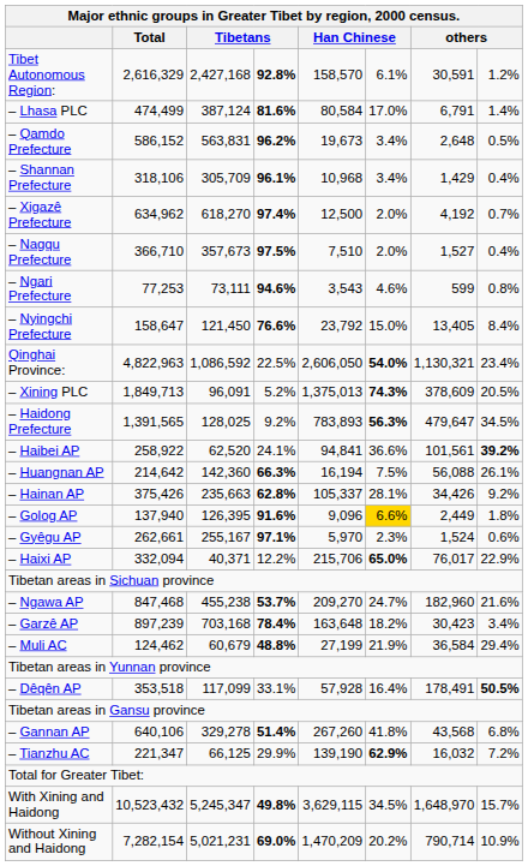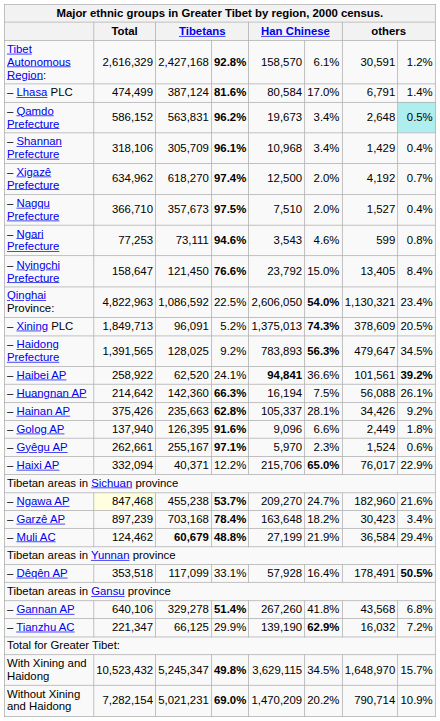 <table class="wikitable" style="text-align:right">
 <tr>
 <th align="center" colspan="8">Major ethnic groups in Greater Tibet by region, 2000 census.</th>
 </tr>
 <tr>
 <th></th>
 <th>Total</th>
 <th colspan="2"><a href='#'>Tibetans</a></th>
 <th colspan="2"><a href='#'>Han Chinese</a></th>
 <th colspan="2">others</th>
 </tr>
 <tr>
 <td align="left"><a href='#'>Tibet Autonomous Region</a>:</td>
 <td>2,616,329</td>
 <td>2,427,168</td>
 <td><strong>92.8%</strong></td>
 <td>158,570</td>
 <td>6.1%</td>
 <td>30,591</td>
 <td>1.2%</td>
 </tr>
 <tr>
 <td align="left">– <a href='#'>Lhasa</a> PLC</td>
 <td>474,499</td>
 <td>387,124</td>
 <td><strong>81.6%</strong></td>
 <td>80,584</td>
 <td>17.0%</td>
 <td>6,791</td>
 <td>1.4%</td>
 </tr>
 <tr>
 <td align="left">– <a href='#'>Qamdo Prefecture</a></td>
 <td>586,152</td>
 <td>563,831</td>
 <td><strong>96.2%</strong></td>
 <td>19,673</td>
 <td>3.4%</td>
 <td>2,648</td>
-<td>0.5%</td>
+<td style="background: paleturquoise;">0.5%</td>
 </tr>
 <tr>
 <td align="left">– <a href='#'>Shannan Prefecture</a></td>
 <td>318,106</td>
 <td>305,709</td>
 <td><strong>96.1%</strong></td>
 <td>10,968</td>
 <td>3.4%</td>
 <td>1,429</td>
 <td>0.4%</td>
 </tr>
 <tr>
 <td align="left">– <a href='#'>Xigazê Prefecture</a></td>
 <td>634,962</td>
 <td>618,270</td>
 <td><strong>97.4%</strong></td>
 <td>12,500</td>
 <td>2.0%</td>
 <td>4,192</td>
 <td>0.7%</td>
 </tr>
 <tr>
 <td align="left">– <a href='#'>Nagqu Prefecture</a></td>
 <td>366,710</td>
 <td>357,673</td>
 <td><strong>97.5%</strong></td>
 <td>7,510</td>
 <td>2.0%</td>
 <td>1,527</td>
 <td>0.4%</td>
 </tr>
 <tr>
 <td align="left">– <a href='#'>Ngari Prefecture</a></td>
 <td>77,253</td>
 <td>73,111</td>
 <td><strong>94.6%</strong></td>
 <td>3,543</td>
 <td>4.6%</td>
 <td>599</td>
 <td>0.8%</td>
 </tr>
 <tr>
 <td align="left">– <a href='#'>Nyingchi Prefecture</a></td>
 <td>158,647</td>
 <td>121,450</td>
 <td><strong>76.6%</strong></td>
 <td>23,792</td>
 <td>15.0%</td>
 <td>13,405</td>
 <td>8.4%</td>
 </tr>
 <tr>
 <td align="left"><a href='#'>Qinghai</a> Province:</td>
 <td>4,822,963</td>
 <td>1,086,592</td>
 <td>22.5%</td>
 <td>2,606,050</td>
 <td><strong>54.0%</strong></td>
 <td>1,130,321</td>
 <td>23.4%</td>
 </tr>
 <tr>
 <td align="left">– <a href='#'>Xining</a> PLC</td>
 <td>1,849,713</td>
 <td>96,091</td>
 <td>5.2%</td>
 <td>1,375,013</td>
 <td><strong>74.3%</strong></td>
 <td>378,609</td>
 <td>20.5%</td>
 </tr>
 <tr>
 <td align="left">– <a href='#'>Haidong Prefecture</a></td>
 <td>1,391,565</td>
 <td>128,025</td>
 <td>9.2%</td>
 <td>783,893</td>
 <td><strong>56.3%</strong></td>
 <td>479,647</td>
 <td>34.5%</td>
 </tr>
 <tr>
 <td align="left">– <a href='#'>Haibei AP</a></td>
 <td>258,922</td>
 <td>62,520</td>
 <td>24.1%</td>
-<td>94,841</td>
+<td><strong>94,841</strong></td>
 <td>36.6%</td>
 <td>101,561</td>
 <td><strong>39.2%</strong></td>
 </tr>
 <tr>
 <td align="left">– <a href='#'>Huangnan AP</a></td>
 <td>214,642</td>
 <td>142,360</td>
 <td><strong>66.3%</strong></td>
 <td>16,194</td>
 <td>7.5%</td>
 <td>56,088</td>
 <td>26.1%</td>
 </tr>
 <tr>
 <td align="left">– <a href='#'>Hainan AP</a></td>
 <td>375,426</td>
 <td>235,663</td>
 <td><strong>62.8%</strong></td>
 <td>105,337</td>
 <td>28.1%</td>
 <td>34,426</td>
 <td>9.2%</td>
 </tr>
 <tr>
 <td align="left">– <a href='#'>Golog AP</a></td>
 <td>137,940</td>
 <td>126,395</td>
 <td><strong>91.6%</strong></td>
 <td>9,096</td>
-<td style="background: gold;">6.6%</td>
+<td>6.6%</td>
 <td>2,449</td>
 <td>1.8%</td>
 </tr>
 <tr>
 <td align="left">– <a href='#'>Gyêgu AP</a></td>
 <td>262,661</td>
 <td>255,167</td>
 <td><strong>97.1%</strong></td>
 <td>5,970</td>
 <td>2.3%</td>
 <td>1,524</td>
 <td>0.6%</td>
 </tr>
 <tr>
 <td align="left">– <a href='#'>Haixi AP</a></td>
 <td>332,094</td>
 <td>40,371</td>
 <td>12.2%</td>
 <td>215,706</td>
 <td><strong>65.0%</strong></td>
 <td>76,017</td>
 <td>22.9%</td>
 </tr>
 <tr>
 <td align="left" colspan="8">Tibetan areas in <a href='#'>Sichuan</a> province</td>
 </tr>
 <tr>
 <td align="left">– <a href='#'>Ngawa AP</a></td>
-<td>847,468</td>
+<td style="background: lightyellow;">847,468</td>
 <td>455,238</td>
 <td><strong>53.7%</strong></td>
 <td>209,270</td>
 <td>24.7%</td>
 <td>182,960</td>
 <td>21.6%</td>
 </tr>
 <tr>
 <td align="left">– <a href='#'>Garzê AP</a></td>
 <td>897,239</td>
 <td>703,168</td>
 <td><strong>78.4%</strong></td>
 <td>163,648</td>
 <td>18.2%</td>
 <td>30,423</td>
 <td>3.4%</td>
 </tr>
 <tr>
 <td align="left">– <a href='#'>Muli AC</a></td>
 <td>124,462</td>
-<td>60,679</td>
+<td><strong>60,679</strong></td>
 <td><strong>48.8%</strong></td>
 <td>27,199</td>
 <td>21.9%</td>
 <td>36,584</td>
 <td>29.4%</td>
 </tr>
 <tr>
 <td align="left" colspan="8">Tibetan areas in <a href='#'>Yunnan</a> province</td>
 </tr>
 <tr>
 <td align="left">– <a href='#'>Dêqên AP</a></td>
 <td>353,518</td>
 <td>117,099</td>
 <td>33.1%</td>
 <td>57,928</td>
 <td>16.4%</td>
 <td>178,491</td>
 <td><strong>50.5%</strong></td>
 </tr>
 <tr>
 <td align="left" colspan="8">Tibetan areas in <a href='#'>Gansu</a> province</td>
 </tr>
 <tr>
 <td align="left">– <a href='#'>Gannan AP</a></td>
 <td>640,106</td>
 <td>329,278</td>
 <td><strong>51.4%</strong></td>
 <td>267,260</td>
 <td>41.8%</td>
 <td>43,568</td>
 <td>6.8%</td>
 </tr>
 <tr>
 <td align="left">– <a href='#'>Tianzhu AC</a></td>
 <td>221,347</td>
 <td>66,125</td>
 <td>29.9%</td>
 <td>139,190</td>
 <td><strong>62.9%</strong></td>
 <td>16,032</td>
 <td>7.2%</td>
 </tr>
 <tr>
 <td align="left" colspan="8">Total for Greater Tibet:</td>
 </tr>
 <tr>
 <td align="left">With Xining and Haidong</td>
 <td>10,523,432</td>
 <td>5,245,347</td>
 <td><strong>49.8%</strong></td>
 <td>3,629,115</td>
 <td>34.5%</td>
 <td>1,648,970</td>
 <td>15.7%</td>
 </tr>
 <tr>
 <td align="left">Without Xining and Haidong</td>
 <td>7,282,154</td>
 <td>5,021,231</td>
 <td><strong>69.0%</strong></td>
 <td>1,470,209</td>
 <td>20.2%</td>
 <td>790,714</td>
 <td>10.9%</td>
 </tr>
 </table>
